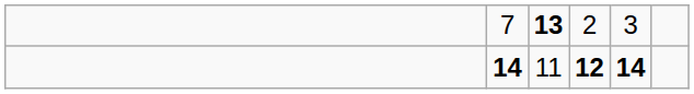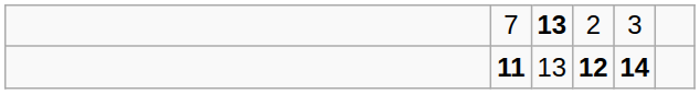 <table class="wikitable">
 <tr>
 <td style="width:18em"></td>
 <td align=center style="width:1em">7</td>
 <td align=center style="width:1em"><strong>13</strong></td>
 <td align=center style="width:1em">2</td>
 <td align=center style="width:1em">3</td>
 <td align=center style="width:1em"></td>
 </tr>
 <tr>
 <td style="width:18em"><strong></strong></td>
-<td align=center style="width:1em"><strong>14</strong></td>
-<td align=center style="width:1em">11</td>
+<td align=center style="width:1em"><strong>11</strong></td>
+<td align=center style="width:1em">13</td>
 <td align=center style="width:1em"><strong>12</strong></td>
 <td align=center style="width:1em"><strong>14</strong></td>
 <td align=center style="width:1em"></td>
 </tr>
 </table>
